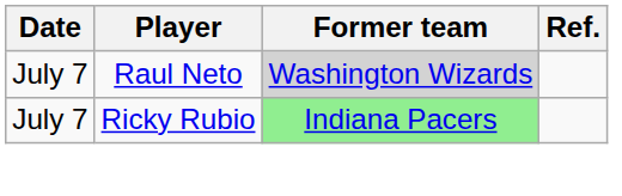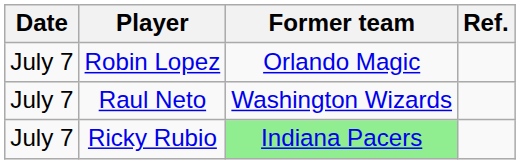 <table class="wikitable sortable sortable" style="text-align: center">
 <tr>
 <th>Date</th>
 <th>Player</th>
 <th>Former team</th>
 <th>Ref.</th>
 </tr>
 <tr>
 <td>July 7</td>
+<td><a href='#'>Robin Lopez</a></td>
+<td><a href='#'>Orlando Magic</a></td>
+<td></td>
+</tr>
+<tr>
+<td>July 7</td>
 <td><a href='#'>Raul Neto</a></td>
-<td style="background: lightgrey;"><a href='#'>Washington Wizards</a></td>
+<td><a href='#'>Washington Wizards</a></td>
 <td></td>
 </tr>
 <tr>
 <td>July 7</td>
 <td><a href='#'>Ricky Rubio</a></td>
 <td style="background: lightgreen;"><a href='#'>Indiana Pacers</a></td>
 <td></td>
 </tr>
 </table>
